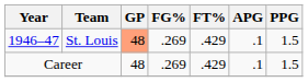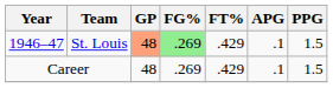 <table class="wikitable sortable" style="font-size:95%; text-align:right;">
 <tr>
 <th>Year</th>
 <th>Team</th>
 <th>GP</th>
 <th>FG%</th>
 <th>FT%</th>
 <th>APG</th>
 <th>PPG</th>
 </tr>
 <tr>
 <td style="text-align:left;"><a href='#'>1946–47</a></td>
 <td style="text-align:left;"><a href='#'>St. Louis</a></td>
 <td style="background: lightsalmon;">48</td>
-<td>.269</td>
+<td style="background: lightgreen;">.269</td>
 <td>.429</td>
 <td>.1</td>
 <td>1.5</td>
 </tr>
 <tr>
 <td style="text-align:center;" colspan="2">Career</td>
 <td>48</td>
 <td>.269</td>
 <td>.429</td>
 <td>.1</td>
 <td>1.5</td>
 </tr>
 <tr>
 </tr>
 </table>
